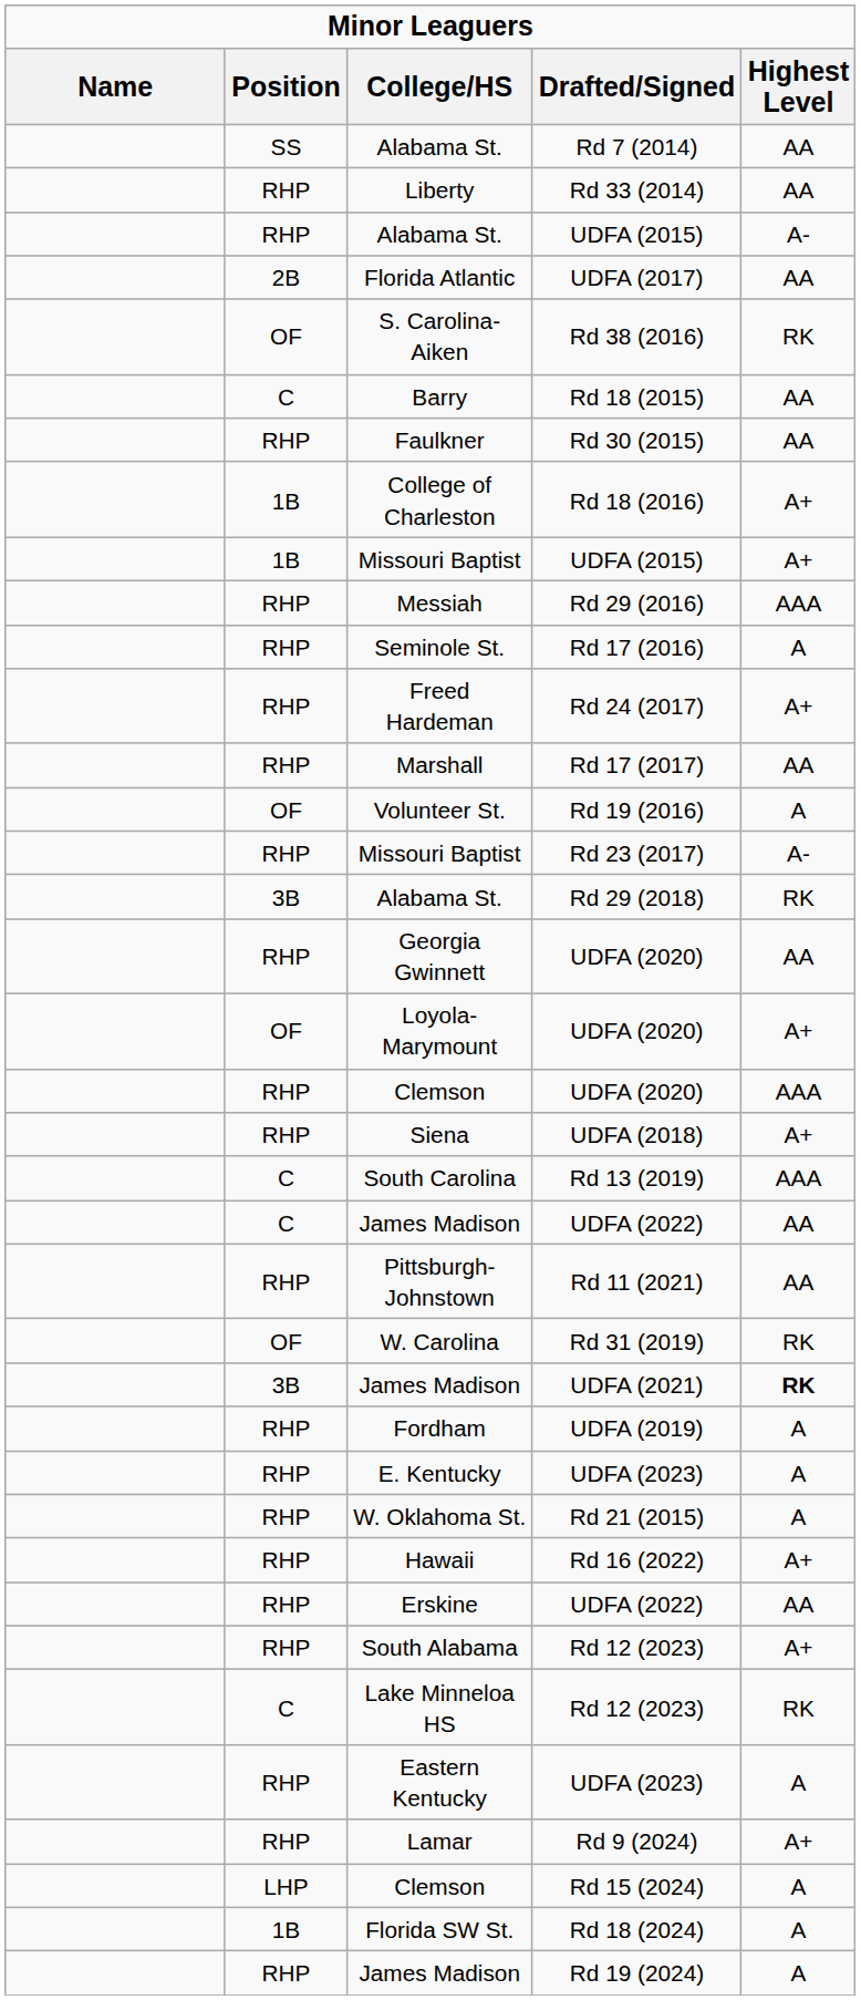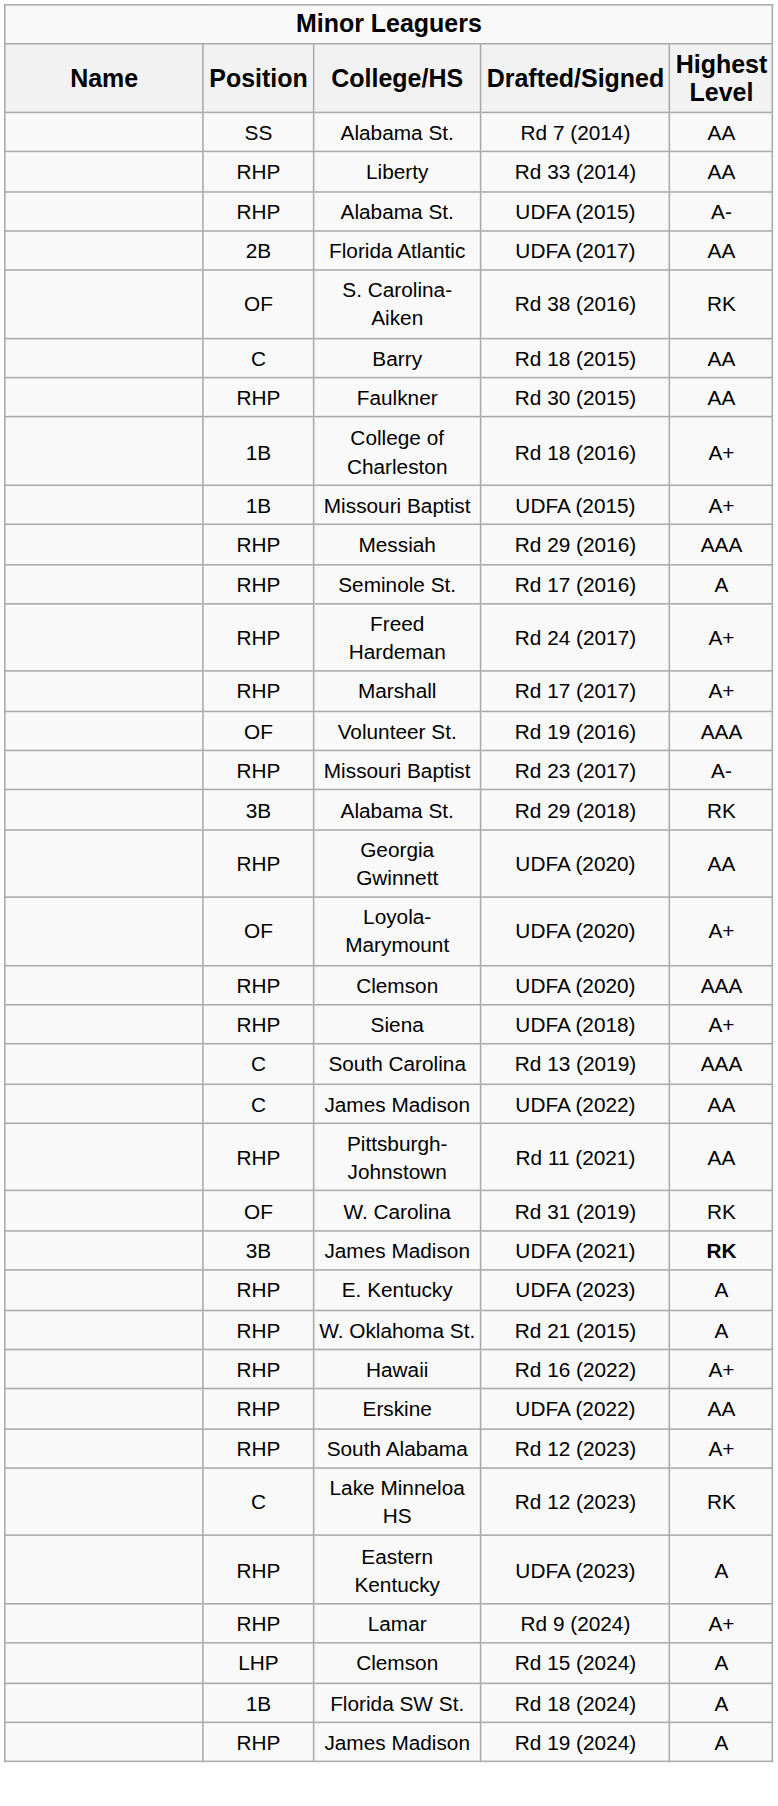 <table class="wikitable" style="text-align:center">
 <tr>
 <td colspan="5"><strong>Minor Leaguers</strong></td>
 </tr>
 <tr>
 <th width=120px>Name</th>
 <th width=40px>Position</th>
 <th width=100px>College/HS</th>
 <th width=100px>Drafted/Signed</th>
 <th width=40px>Highest Level</th>
 </tr>
 <tr>
 <td></td>
 <td><small>SS</small></td>
 <td><small>Alabama St.</small></td>
 <td><small>Rd 7 (2014)</small></td>
 <td><small>AA</small></td>
 </tr>
 <tr>
 <td></td>
 <td><small>RHP</small></td>
 <td><small>Liberty</small></td>
 <td><small>Rd 33 (2014)</small></td>
 <td><small>AA</small></td>
 </tr>
 <tr>
 <td></td>
 <td><small>RHP</small></td>
 <td><small>Alabama St.</small></td>
 <td><small>UDFA (2015)</small></td>
 <td><small>A-</small></td>
 </tr>
 <tr>
 <td></td>
 <td><small>2B</small></td>
 <td><small>Florida Atlantic</small></td>
 <td><small>UDFA (2017)</small></td>
 <td><small>AA</small></td>
 </tr>
 <tr>
 <td></td>
 <td><small>OF</small></td>
 <td><small>S. Carolina-Aiken</small></td>
 <td><small>Rd 38 (2016)</small></td>
 <td><small>RK</small></td>
 </tr>
 <tr>
 <td></td>
 <td><small>C</small></td>
 <td><small>Barry</small></td>
 <td><small>Rd 18 (2015)</small></td>
 <td><small>AA</small></td>
 </tr>
 <tr>
 <td></td>
 <td><small>RHP</small></td>
 <td><small>Faulkner</small></td>
 <td><small>Rd 30 (2015)</small></td>
 <td><small>AA</small></td>
 </tr>
 <tr>
 <td></td>
 <td><small>1B</small></td>
 <td><small>College of Charleston</small></td>
 <td><small>Rd 18 (2016)</small></td>
 <td><small>A+</small></td>
 </tr>
 <tr>
 <td></td>
 <td><small>1B</small></td>
 <td><small>Missouri Baptist</small></td>
 <td><small>UDFA (2015)</small></td>
 <td><small>A+</small></td>
 </tr>
 <tr>
 <td></td>
 <td><small>RHP</small></td>
 <td><small>Messiah</small></td>
 <td><small>Rd 29 (2016)</small></td>
 <td><small>AAA</small></td>
 </tr>
 <tr>
 <td></td>
 <td><small>RHP</small></td>
 <td><small>Seminole St.</small></td>
 <td><small>Rd 17 (2016)</small></td>
 <td><small>A</small></td>
 </tr>
 <tr>
 <td></td>
 <td><small>RHP</small></td>
 <td><small>Freed Hardeman</small></td>
 <td><small>Rd 24 (2017)</small></td>
 <td><small>A+</small></td>
 </tr>
 <tr>
 <td></td>
 <td><small>RHP</small></td>
 <td><small>Marshall</small></td>
 <td><small>Rd 17 (2017)</small></td>
-<td><small>AA</small></td>
+<td><small>A+</small></td>
 </tr>
 <tr>
 <td></td>
 <td><small>OF</small></td>
 <td><small>Volunteer St.</small></td>
 <td><small>Rd 19 (2016)</small></td>
-<td><small>A</small></td>
+<td><small>AAA</small></td>
 </tr>
 <tr>
 <td></td>
 <td><small>RHP</small></td>
 <td><small>Missouri Baptist</small></td>
 <td><small>Rd 23 (2017)</small></td>
 <td><small>A-</small></td>
 </tr>
 <tr>
 <td></td>
 <td><small>3B</small></td>
 <td><small>Alabama St.</small></td>
 <td><small>Rd 29 (2018)</small></td>
 <td><small>RK</small></td>
 </tr>
 <tr>
 <td></td>
 <td><small>RHP</small></td>
 <td><small>Georgia Gwinnett</small></td>
 <td><small>UDFA (2020)</small></td>
 <td><small>AA</small></td>
 </tr>
 <tr>
 <td></td>
 <td><small>OF</small></td>
 <td><small>Loyola-Marymount</small></td>
 <td><small>UDFA (2020)</small></td>
 <td><small>A+</small></td>
 </tr>
 <tr>
 <td></td>
 <td><small>RHP</small></td>
 <td><small>Clemson</small></td>
 <td><small>UDFA (2020)</small></td>
 <td><small>AAA</small></td>
 </tr>
 <tr>
 <td></td>
 <td><small>RHP</small></td>
 <td><small>Siena</small></td>
 <td><small>UDFA (2018)</small></td>
 <td><small>A+</small></td>
 </tr>
 <tr>
 <td></td>
 <td><small>C</small></td>
 <td><small>South Carolina</small></td>
 <td><small>Rd 13 (2019)</small></td>
 <td><small>AAA</small></td>
 </tr>
 <tr>
 <td></td>
 <td><small>C</small></td>
 <td><small>James Madison</small></td>
 <td><small>UDFA (2022)</small></td>
 <td><small>AA</small></td>
 </tr>
 <tr>
 <td></td>
 <td><small>RHP</small></td>
 <td><small>Pittsburgh-Johnstown</small></td>
 <td><small>Rd 11 (2021)</small></td>
 <td><small>AA</small></td>
 </tr>
 <tr>
 <td></td>
 <td><small>OF</small></td>
 <td><small>W. Carolina</small></td>
 <td><small>Rd 31 (2019)</small></td>
 <td><small>RK</small></td>
 </tr>
 <tr>
 <td></td>
 <td><small>3B</small></td>
 <td><small>James Madison</small></td>
 <td><small>UDFA (2021)</small></td>
 <td><strong><small>RK</small></strong></td>
 </tr>
 <tr>
 <td></td>
 <td><small>RHP</small></td>
-<td><small>Fordham</small></td>
-<td><small>UDFA (2019)</small></td>
-<td><small>A</small></td>
-</tr>
-<tr>
-<td></td>
-<td><small>RHP</small></td>
 <td><small>E. Kentucky</small></td>
 <td><small>UDFA (2023)</small></td>
 <td><small>A</small></td>
 </tr>
 <tr>
 <td></td>
 <td><small>RHP</small></td>
 <td><small>W. Oklahoma St.</small></td>
 <td><small>Rd 21 (2015)</small></td>
 <td><small>A</small></td>
 </tr>
 <tr>
 <td></td>
 <td><small>RHP</small></td>
 <td><small>Hawaii</small></td>
 <td><small>Rd 16 (2022)</small></td>
 <td><small>A+</small></td>
 </tr>
 <tr>
 <td></td>
 <td><small>RHP</small></td>
 <td><small>Erskine</small></td>
 <td><small>UDFA (2022)</small></td>
 <td><small>AA</small></td>
 </tr>
 <tr>
 <td><small></small></td>
 <td><small>RHP</small></td>
 <td><small>South Alabama</small></td>
 <td><small>Rd 12 (2023)</small></td>
 <td><small>A+</small></td>
 </tr>
 <tr>
 <td></td>
 <td><small>C</small></td>
 <td><small>Lake Minneloa HS</small></td>
 <td><small>Rd 12 (2023)</small></td>
 <td><small>RK</small></td>
 </tr>
 <tr>
 <td><small></small></td>
 <td><small>RHP</small></td>
 <td><small>Eastern Kentucky</small></td>
 <td><small>UDFA (2023)</small></td>
 <td><small>A</small></td>
 </tr>
 <tr>
 <td><small></small></td>
 <td><small>RHP</small></td>
 <td><small>Lamar</small></td>
 <td><small>Rd 9 (2024)</small></td>
 <td><small>A+</small></td>
 </tr>
 <tr>
 <td><small></small></td>
 <td><small>LHP</small></td>
 <td><small>Clemson</small></td>
 <td><small>Rd 15 (2024)</small></td>
 <td><small>A</small></td>
 </tr>
 <tr>
 <td><small></small></td>
 <td><small>1B</small></td>
 <td><small>Florida SW St.</small></td>
 <td><small>Rd 18 (2024)</small></td>
 <td><small>A</small></td>
 </tr>
 <tr>
 <td><small></small></td>
 <td><small>RHP</small></td>
 <td><small>James Madison</small></td>
 <td><small>Rd 19 (2024)</small></td>
 <td><small>A</small></td>
 </tr>
 </table>
